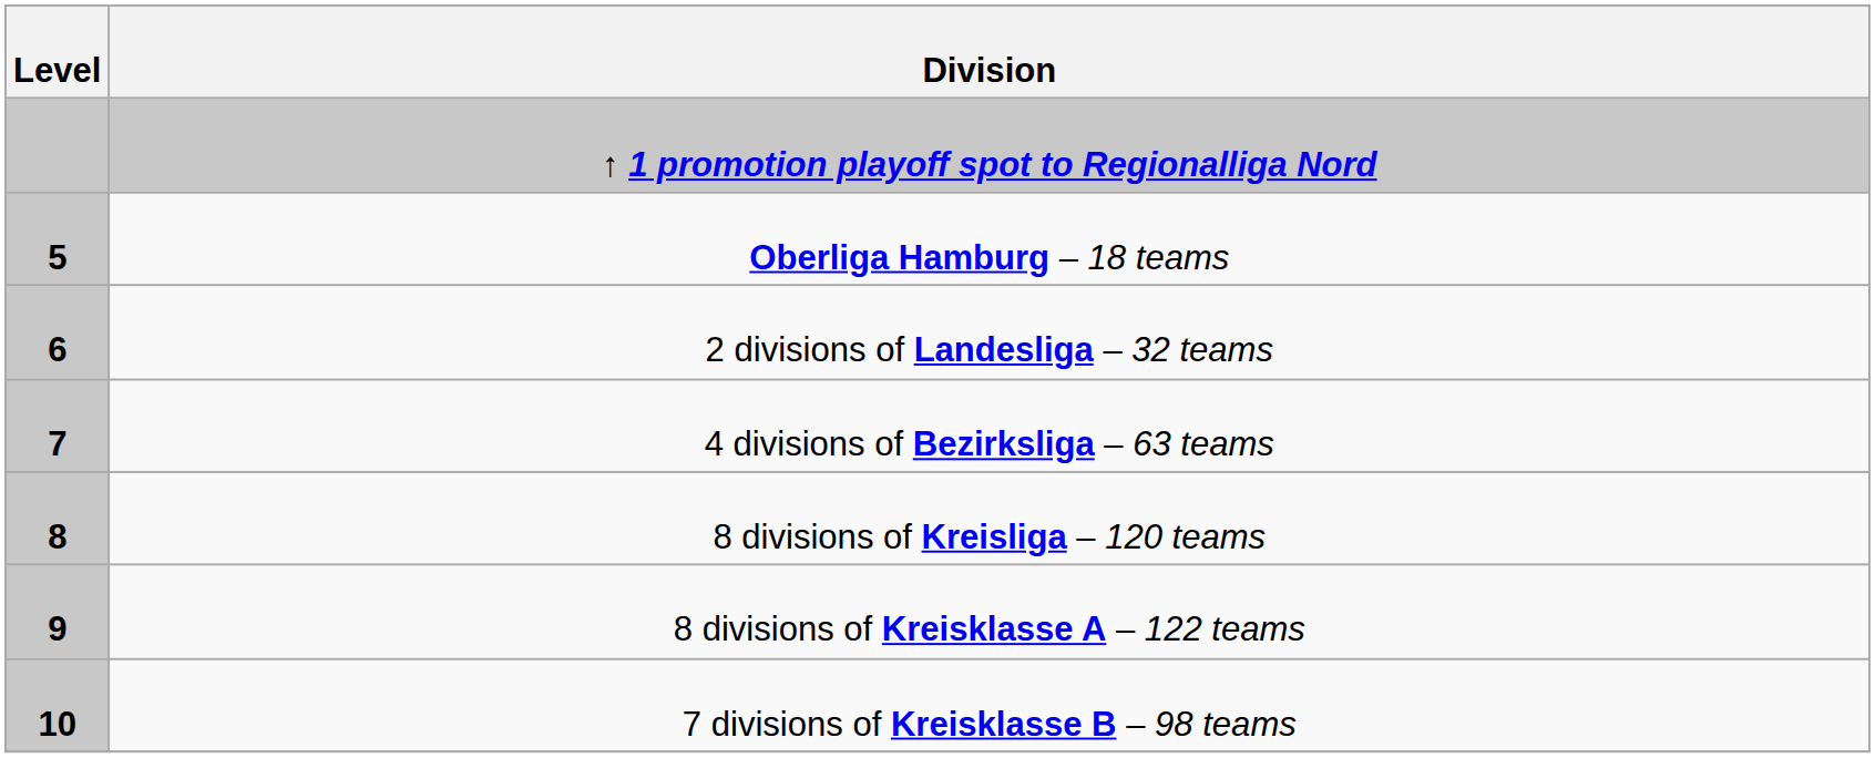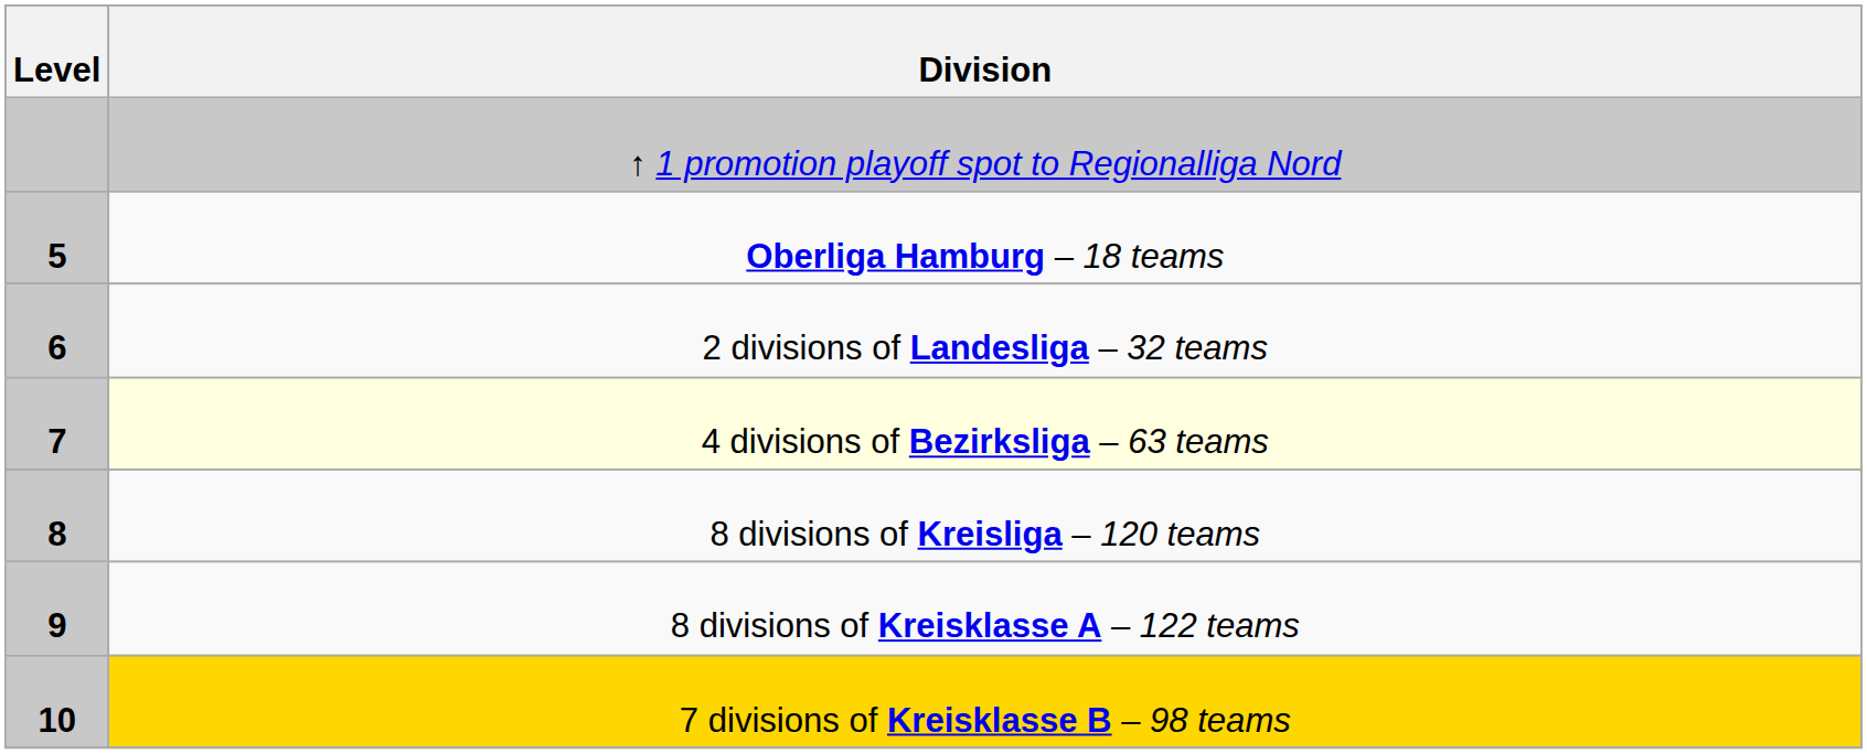 <table class="wikitable" style="text-align:center">
 <tr>
 <th colspan="1" width="4%"><br>Level</th>
 <th colspan="1"><br>Division</th>
 </tr>
 <tr style="background:#c8c8c8">
 <td colspan="1"></td>
-<td colspan="1"><strong><br><em>↑ <a href='#'>1 promotion playoff spot to Regionalliga Nord</a></em></strong></td>
+<td colspan="1"><br><em>↑ <a href='#'>1 promotion playoff spot to Regionalliga Nord</a></em></td>
 </tr>
 <tr>
 <td colspan="1" style="background:#c8c8c8"><br><strong>5</strong></td>
 <td colspan="1"><br><strong><a href='#'>Oberliga Hamburg</a></strong> – <em>18 teams</em></td>
 </tr>
 <tr>
 <td colspan="1" style="background:#c8c8c8"><br><strong>6</strong></td>
 <td colspan="1"><br>2 divisions of <strong><a href='#'>Landesliga</a></strong> – <em>32 teams</em></td>
 </tr>
 <tr>
 <td colspan="1" style="background:#c8c8c8"><br><strong>7</strong></td>
-<td colspan="1"><br>4 divisions of <strong><a href='#'>Bezirksliga</a></strong> – <em>63 teams</em></td>
+<td colspan="1" style="background: lightyellow;"><br>4 divisions of <strong><a href='#'>Bezirksliga</a></strong> – <em>63 teams</em></td>
 </tr>
 <tr>
 <td colspan="1" style="background:#c8c8c8"><br><strong>8</strong></td>
 <td colspan="1"><br>8 divisions of <strong><a href='#'>Kreisliga</a></strong> – <em>120 teams</em></td>
 </tr>
 <tr>
 <td colspan="1" style="background:#c8c8c8"><br><strong>9</strong></td>
 <td colspan="1"><br>8 divisions of <strong><a href='#'>Kreisklasse A</a></strong> – <em>122 teams</em></td>
 </tr>
 <tr>
 <td colspan="1" style="background:#c8c8c8"><br><strong>10</strong></td>
-<td colspan="1"><br>7 divisions of <strong><a href='#'>Kreisklasse B</a></strong> – <em>98 teams</em></td>
+<td colspan="1" style="background: gold;"><br>7 divisions of <strong><a href='#'>Kreisklasse B</a></strong> – <em>98 teams</em></td>
 </tr>
 <tr>
 </tr>
 </table>
